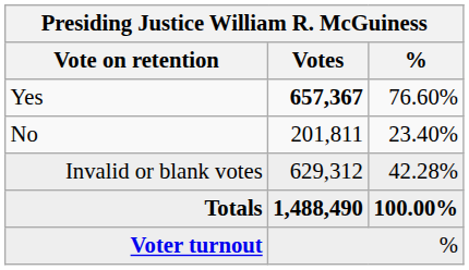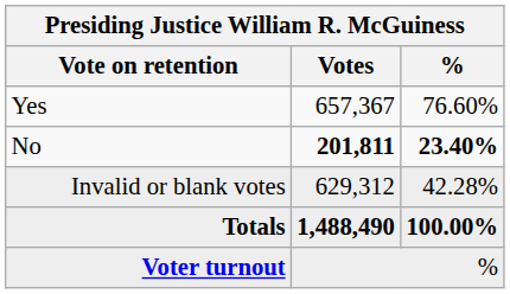 <table class="wikitable" style="font-size: 95%;">
 <tr style="background-color:#E9E9E9">
 <th colspan=7>Presiding Justice William R. McGuiness</th>
 </tr>
 <tr style="background-color:#E9E9E9">
 <th style="width: 170px">Vote on retention</th>
 <th style="width: 50px">Votes</th>
 <th style="width: 40px">%</th>
 </tr>
 <tr>
 <td>Yes</td>
-<td align="right"><strong>657,367</strong></td>
+<td align="right">657,367</td>
 <td align="right">76.60%</td>
 </tr>
 <tr>
 <td>No</td>
-<td align="right">201,811</td>
-<td align="right">23.40%</td>
+<td align="right"><strong>201,811</strong></td>
+<td align="right"><strong>23.40%</strong></td>
 </tr>
 <tr bgcolor="#EEEEEE">
 <td align="right">Invalid or blank votes</td>
 <td align="right">629,312</td>
 <td align="right">42.28%</td>
 </tr>
 <tr bgcolor="#EEEEEE">
 <td align="right"><strong>Totals</strong></td>
 <td align="right"><strong>1,488,490</strong></td>
 <td align="right"><strong>100.00%</strong></td>
 </tr>
 <tr bgcolor="#EEEEEE">
 <td align="right"><strong><a href='#'>Voter turnout</a></strong></td>
 <td colspan="2" align="right">%</td>
 </tr>
 </table>
